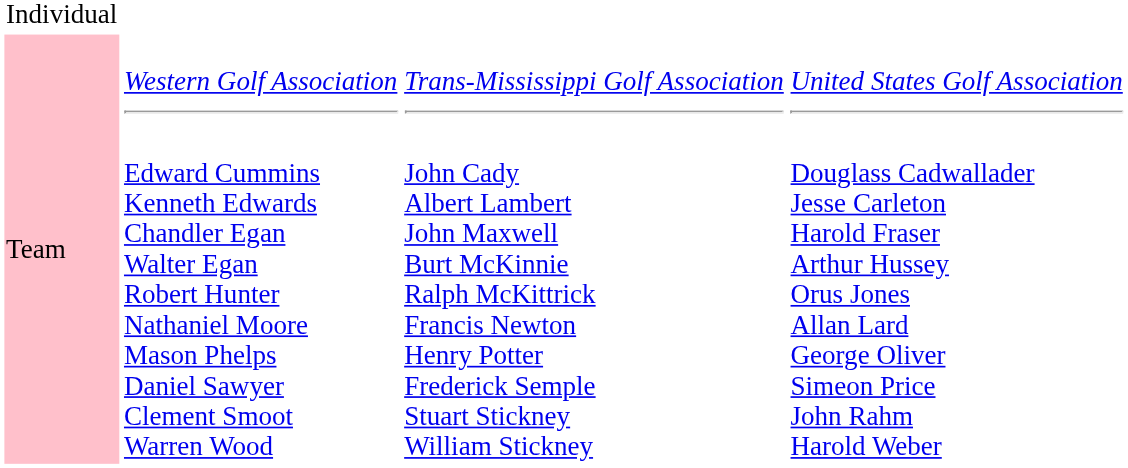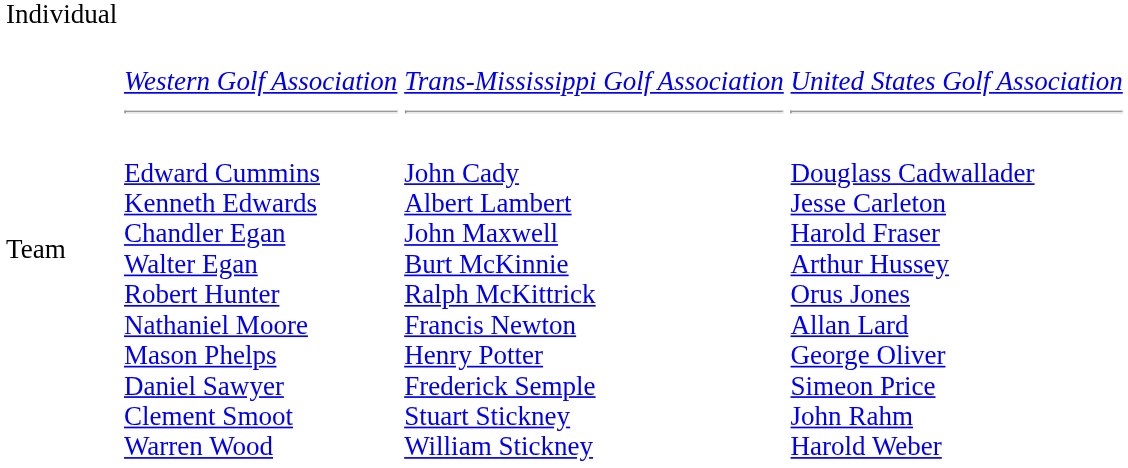 <table>
 <tr>
 <td>Individual<br></td>
 <td></td>
 <td></td>
 <td><br></td>
 </tr>
 <tr>
-<td style="background: pink;">Team<br></td>
+<td>Team<br></td>
 <td><br><em><a href='#'>Western Golf Association</a></em><hr><br><a href='#'>Edward Cummins</a><br><a href='#'>Kenneth Edwards</a><br><a href='#'>Chandler Egan</a><br><a href='#'>Walter Egan</a><br><a href='#'>Robert Hunter</a><br><a href='#'>Nathaniel Moore</a><br><a href='#'>Mason Phelps</a><br><a href='#'>Daniel Sawyer</a><br><a href='#'>Clement Smoot</a><br><a href='#'>Warren Wood</a></td>
 <td><br><em><a href='#'>Trans-Mississippi Golf Association</a></em><hr><br><a href='#'>John Cady</a><br><a href='#'>Albert Lambert</a><br><a href='#'>John Maxwell</a><br><a href='#'>Burt McKinnie</a><br><a href='#'>Ralph McKittrick</a><br><a href='#'>Francis Newton</a><br><a href='#'>Henry Potter</a><br><a href='#'>Frederick Semple</a><br><a href='#'>Stuart Stickney</a><br><a href='#'>William Stickney</a></td>
 <td><br><em><a href='#'>United States Golf Association</a></em><hr><br><a href='#'>Douglass Cadwallader</a><br><a href='#'>Jesse Carleton</a><br><a href='#'>Harold Fraser</a><br><a href='#'>Arthur Hussey</a><br><a href='#'>Orus Jones</a><br><a href='#'>Allan Lard</a><br><a href='#'>George Oliver</a><br><a href='#'>Simeon Price</a><br><a href='#'>John Rahm</a><br><a href='#'>Harold Weber</a></td>
 </tr>
 </table>
